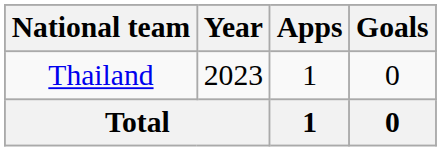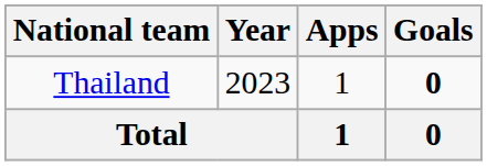 <table class="wikitable" style="text-align:center">
 <tr>
 <th>National team</th>
 <th>Year</th>
 <th>Apps</th>
 <th>Goals</th>
 </tr>
 <tr>
 <td rowspan="1"><a href='#'>Thailand</a></td>
 <td>2023</td>
 <td>1</td>
-<td>0</td>
+<td><strong>0</strong></td>
 </tr>
 <tr>
 <th colspan="2">Total</th>
 <th>1</th>
 <th>0</th>
 </tr>
 </table>
